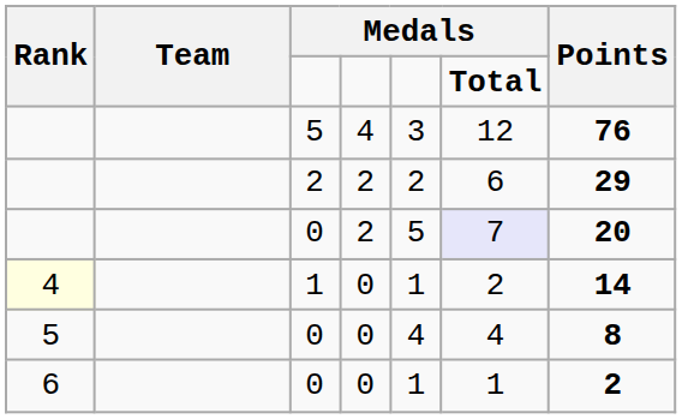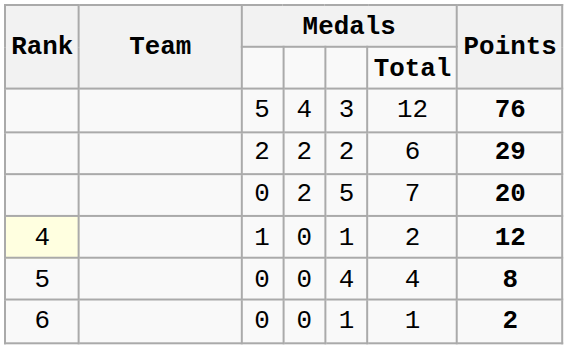 <table class="wikitable">
 <tr>
 <th rowspan=2>Rank</th>
 <th style="width:75px;" rowspan="2">Team</th>
 <th colspan=4>Medals</th>
 <th rowspan=2>Points</th>
 </tr>
 <tr>
 <td style="width:15px; text-align:center;"></td>
 <td style="width:15px; text-align:center;"></td>
 <td style="width:15px; text-align:center;"></td>
 <td><strong>Total</strong></td>
 </tr>
 <tr>
 <td align=center></td>
 <td></td>
 <td align=center>5</td>
 <td align=center>4</td>
 <td align=center>3</td>
 <td align=center>12</td>
 <td align=center><strong>76</strong></td>
 </tr>
 <tr>
 <td align=center></td>
 <td></td>
 <td align=center>2</td>
 <td align=center>2</td>
 <td align=center>2</td>
 <td align=center>6</td>
 <td align=center><strong>29</strong></td>
 </tr>
 <tr>
 <td align=center></td>
 <td></td>
 <td align=center>0</td>
 <td align=center>2</td>
 <td align=center>5</td>
-<td align=center style="background: lavender;">7</td>
+<td align=center>7</td>
 <td align=center><strong>20</strong></td>
 </tr>
 <tr>
 <td align=center style="background: lightyellow;">4</td>
 <td></td>
 <td align=center>1</td>
 <td align=center>0</td>
 <td align=center>1</td>
 <td align=center>2</td>
-<td align=center><strong>14</strong></td>
+<td align=center><strong>12</strong></td>
 </tr>
 <tr>
 <td align=center>5</td>
 <td><strong></strong></td>
 <td align=center>0</td>
 <td align=center>0</td>
 <td align=center>4</td>
 <td align=center>4</td>
 <td align=center><strong>8</strong></td>
 </tr>
 <tr>
 <td align=center>6</td>
 <td></td>
 <td align=center>0</td>
 <td align=center>0</td>
 <td align=center>1</td>
 <td align=center>1</td>
 <td align=center><strong>2</strong></td>
 </tr>
 </table>
